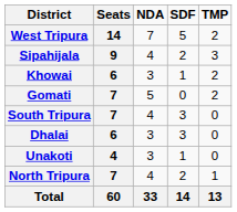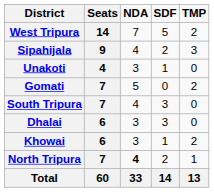 <table class="wikitable sortable" style="text-align:center;">
 <tr>
 <th>District</th>
 <th>Seats</th>
 <td><span><strong>NDA</strong></span></td>
 <td><span><strong>SDF</strong></span></td>
 <td><span><strong>TMP</strong></span></td>
 </tr>
 <tr>
 <th><a href='#'>West Tripura</a></th>
 <th>14</th>
 <td style="background:">7</td>
 <td>5</td>
 <td>2</td>
 </tr>
 <tr>
 <th><a href='#'>Sipahijala</a></th>
 <th>9</th>
 <td style="background:">4</td>
 <td>2</td>
 <td>3</td>
 </tr>
 <tr>
-<th><a href='#'>Khowai</a></th>
-<th>6</th>
+<th><a href='#'>Unakoti</a></th>
+<th>4</th>
 <td style="background:">3</td>
 <td>1</td>
-<td>2</td>
+<td>0</td>
 </tr>
 <tr>
 <th><a href='#'>Gomati</a></th>
 <th>7</th>
 <td style="background:">5</td>
 <td>0</td>
 <td>2</td>
 </tr>
 <tr>
 <th><a href='#'>South Tripura</a></th>
 <th>7</th>
 <td style="background:">4</td>
 <td>3</td>
 <td>0</td>
 </tr>
 <tr>
 <th><a href='#'>Dhalai</a></th>
 <th>6</th>
 <td style="background:">3</td>
 <td>3</td>
 <td>0</td>
 </tr>
 <tr>
-<th><a href='#'>Unakoti</a></th>
-<th>4</th>
+<th><a href='#'>Khowai</a></th>
+<th>6</th>
 <td style="background:">3</td>
 <td>1</td>
-<td>0</td>
+<td>2</td>
 </tr>
 <tr>
 <th><a href='#'>North Tripura</a></th>
 <th>7</th>
-<td style="background:">4</td>
+<td style="background:"><strong>4</strong></td>
 <td>2</td>
 <td>1</td>
 </tr>
 <tr>
 <th>Total</th>
 <th>60</th>
 <th>33</th>
 <th>14</th>
 <th>13</th>
 </tr>
 </table>
